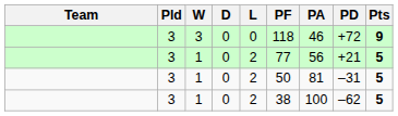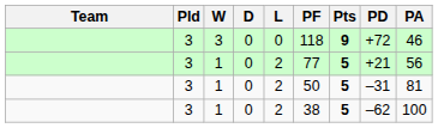 <table class="wikitable" style="text-align:center;">
 <tr>
 <th width=175>Team</th>
 <th width=25 abbr="Played">Pld</th>
 <th width=25 abbr="Won">W</th>
 <th width=25 abbr="Drawn">D</th>
 <th width=25 abbr="Lost">L</th>
 <th width=32 abbr="Points for">PF</th>
+<th width=25 abbr="Points">Pts</th>
+<th width=32 abbr="Points difference">PD</th>
 <th width=32 abbr="Points against">PA</th>
-<th width=32 abbr="Points difference">PD</th>
-<th width=25 abbr="Points">Pts</th>
 </tr>
 <tr bgcolor=ccffcc>
 <td align=left></td>
 <td>3</td>
 <td>3</td>
 <td>0</td>
 <td>0</td>
 <td>118</td>
+<td><strong>9</strong></td>
+<td>+72</td>
 <td>46</td>
-<td>+72</td>
-<td><strong>9</strong></td>
 </tr>
 <tr bgcolor=ccffcc>
 <td align=left></td>
 <td>3</td>
 <td>1</td>
 <td>0</td>
 <td>2</td>
 <td>77</td>
+<td><strong>5</strong></td>
+<td>+21</td>
 <td>56</td>
-<td>+21</td>
-<td><strong>5</strong></td>
 </tr>
 <tr>
 <td align=left></td>
 <td>3</td>
 <td>1</td>
 <td>0</td>
 <td>2</td>
 <td>50</td>
+<td><strong>5</strong></td>
+<td>–31</td>
 <td>81</td>
-<td>–31</td>
-<td><strong>5</strong></td>
 </tr>
 <tr>
 <td align=left></td>
 <td>3</td>
 <td>1</td>
 <td>0</td>
 <td>2</td>
 <td>38</td>
+<td><strong>5</strong></td>
+<td>–62</td>
 <td>100</td>
-<td>–62</td>
-<td><strong>5</strong></td>
 </tr>
 </table>
